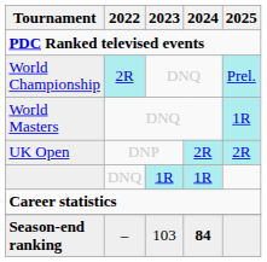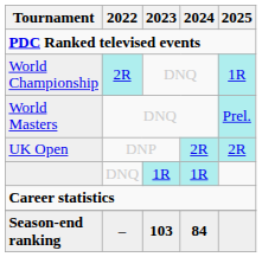 <table class="wikitable" style="width:20%; margin:0">
 <tr>
 <th>Tournament</th>
 <th>2022</th>
 <th>2023</th>
 <th>2024</th>
 <th>2025</th>
 </tr>
 <tr>
 <td colspan="15" style="text-align:left"><strong><a href='#'>PDC</a> Ranked televised events</strong></td>
 </tr>
 <tr>
 <td style="background:#efefef;"><a href='#'>World Championship</a></td>
 <td style="text-align:center; background:#afeeee;"><a href='#'>2R</a></td>
 <td colspan="2" style="text-align:center; color:#ccc;">DNQ</td>
-<td style="text-align:center; background:#afeeee;"><a href='#'>Prel.</a></td>
+<td style="text-align:center; background:#afeeee;"><a href='#'>1R</a></td>
 </tr>
 <tr>
 <td style="background:#efefef;"><a href='#'>World Masters</a></td>
 <td colspan="3" style="text-align:center; color:#ccc;">DNQ</td>
-<td style="text-align:center; background:#afeeee;"><a href='#'>1R</a></td>
+<td style="text-align:center; background:#afeeee;"><a href='#'>Prel.</a></td>
 </tr>
 <tr>
 <td style="background:#efefef;"><a href='#'>UK Open</a></td>
 <td colspan="2" style="text-align:center; color:#ccc;">DNP</td>
 <td style="text-align:center; background:#afeeee;"><a href='#'>2R</a></td>
 <td style="text-align:center; background:#afeeee;"><a href='#'>2R</a></td>
 </tr>
 <tr>
 <td style="background:#efefef;"></td>
 <td style="text-align:center; color:#ccc;">DNQ</td>
 <td style="text-align:center; background:#afeeee;"><a href='#'>1R</a></td>
 <td style="text-align:center; background:#afeeee;"><a href='#'>1R</a></td>
 <td></td>
 </tr>
 <tr>
 <td colspan="15" align="left"><strong>Career statistics</strong></td>
 </tr>
 <tr>
 </tr>
 <tr bgcolor="efefef">
 <td align="left"><strong>Season-end ranking</strong></td>
 <td style="text-align:center;">–</td>
-<td style="text-align:center;">103</td>
+<td style="text-align:center;"><strong>103</strong></td>
 <td style="text-align:center;"><strong>84</strong></td>
 <td></td>
 </tr>
 </table>
